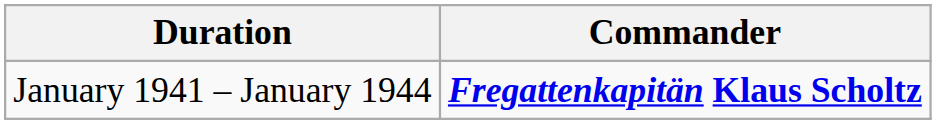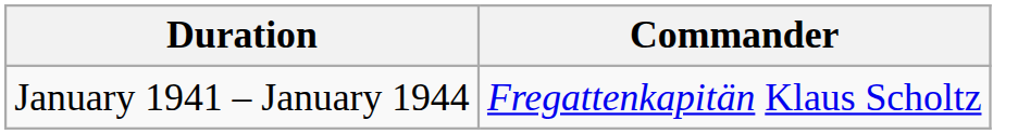 <table class="wikitable">
 <tr>
 <th align="left">Duration</th>
 <th align="center">Commander</th>
 </tr>
 <tr>
 <td align="left">January 1941 – January 1944</td>
-<td align="center"><strong><em><a href='#'>Fregattenkapitän</a></em> <a href='#'>Klaus Scholtz</a></strong></td>
+<td align="center"><em><a href='#'>Fregattenkapitän</a></em> <a href='#'>Klaus Scholtz</a></td>
 </tr>
 </table>
